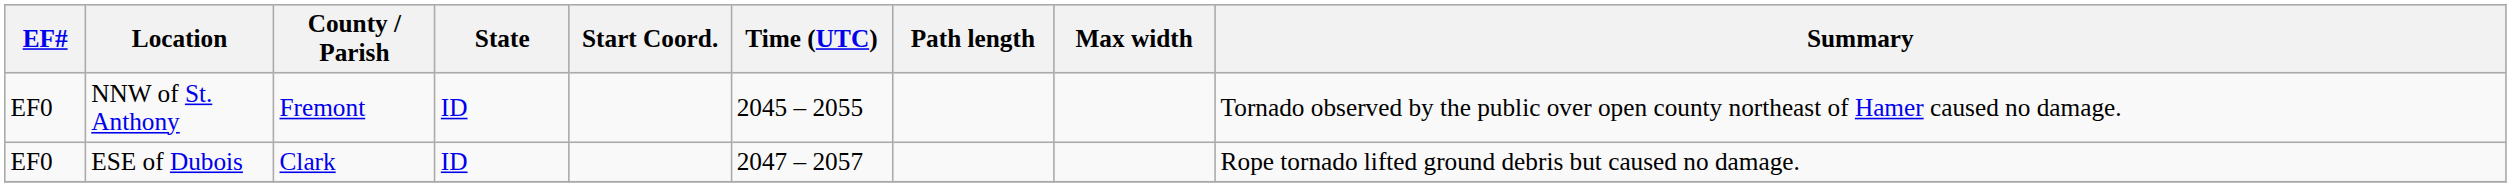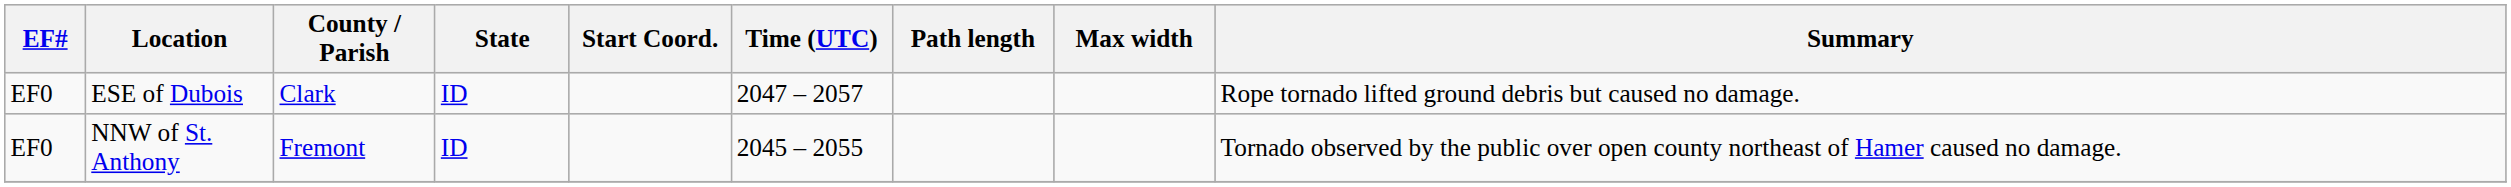 <table class="wikitable sortable" style="width:100%;">
 <tr>
 <th scope="col" width="3%" align="center"><a href='#'>EF#</a></th>
 <th scope="col" width="7%" align="center" class="unsortable">Location</th>
 <th scope="col" width="6%" align="center" class="unsortable">County / Parish</th>
 <th scope="col" width="5%" align="center">State</th>
 <th scope="col" width="6%" align="center">Start Coord.</th>
 <th scope="col" width="6%" align="center">Time (<a href='#'>UTC</a>)</th>
 <th scope="col" width="6%" align="center">Path length</th>
 <th scope="col" width="6%" align="center">Max width</th>
 <th scope="col" width="48%" class="unsortable" align="center">Summary</th>
 </tr>
 <tr>
 <td>EF0</td>
+<td>ESE of <a href='#'>Dubois</a></td>
+<td><a href='#'>Clark</a></td>
+<td><a href='#'>ID</a></td>
+<td></td>
+<td>2047 – 2057</td>
+<td></td>
+<td></td>
+<td>Rope tornado lifted ground debris but caused no damage.</td>
+</tr>
+<tr>
+<td>EF0</td>
 <td>NNW of <a href='#'>St. Anthony</a></td>
 <td><a href='#'>Fremont</a></td>
 <td><a href='#'>ID</a></td>
 <td></td>
 <td>2045 – 2055</td>
 <td></td>
 <td></td>
 <td>Tornado observed by the public over open county northeast of <a href='#'>Hamer</a> caused no damage.</td>
 </tr>
 <tr>
-<td>EF0</td>
-<td>ESE of <a href='#'>Dubois</a></td>
-<td><a href='#'>Clark</a></td>
-<td><a href='#'>ID</a></td>
-<td></td>
-<td>2047 – 2057</td>
-<td></td>
-<td></td>
-<td>Rope tornado lifted ground debris but caused no damage.</td>
-</tr>
-<tr>
 </tr>
 </table>
